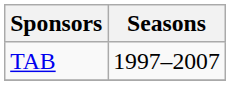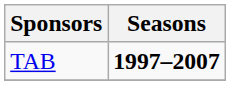 <table class="wikitable collapsible">
 <tr>
 <th>Sponsors</th>
 <th>Seasons</th>
 </tr>
 <tr>
 <td><a href='#'>TAB</a></td>
-<td>1997–2007</td>
+<td><strong>1997–2007</strong></td>
 </tr>
 <tr>
 </tr>
 </table>
